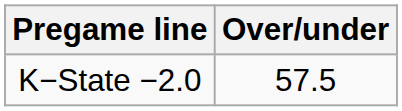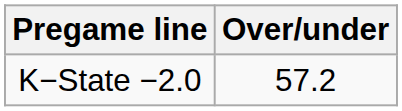 <table class="wikitable" style="margin-left: auto; margin-right: auto; border: none; display: inline-table;">
 <tr align="center">
 <th style=>Pregame line</th>
 <th style=>Over/under</th>
 </tr>
 <tr align="center">
 <td>K−State −2.0</td>
-<td>57.5</td>
+<td>57.2</td>
 </tr>
 </table>
